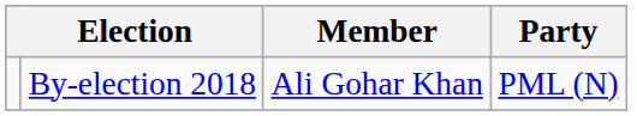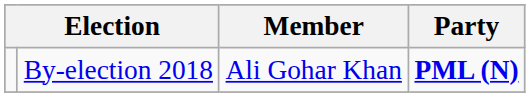 <table class="wikitable">
 <tr>
 <th colspan="2">Election</th>
 <th>Member</th>
 <th>Party</th>
 </tr>
 <tr>
 <td style="background-color: "></td>
 <td><a href='#'>By-election 2018</a></td>
 <td><a href='#'>Ali Gohar Khan</a></td>
-<td><a href='#'>PML (N)</a></td>
+<td><strong><a href='#'>PML (N)</a></strong></td>
 </tr>
 </table>
